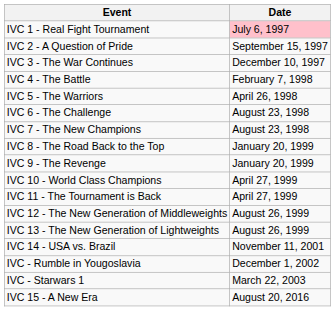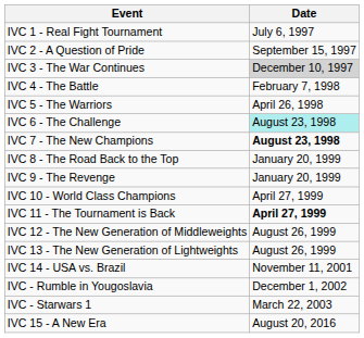 <table class="wikitable">
 <tr>
 <th>Event</th>
 <th>Date</th>
 </tr>
 <tr>
 <td>IVC 1 - Real Fight Tournament</td>
-<td style="background: pink;">July 6, 1997</td>
+<td>July 6, 1997</td>
 </tr>
 <tr>
 <td>IVC 2 - A Question of Pride</td>
 <td>September 15, 1997</td>
 </tr>
 <tr>
 <td>IVC 3 - The War Continues</td>
-<td>December 10, 1997</td>
+<td style="background: lightgrey;">December 10, 1997</td>
 </tr>
 <tr>
 <td>IVC 4 - The Battle</td>
 <td>February 7, 1998</td>
 </tr>
 <tr>
 <td>IVC 5 - The Warriors</td>
 <td>April 26, 1998</td>
 </tr>
 <tr>
 <td>IVC 6 - The Challenge</td>
-<td>August 23, 1998</td>
+<td style="background: paleturquoise;">August 23, 1998</td>
 </tr>
 <tr>
 <td>IVC 7 - The New Champions</td>
-<td>August 23, 1998</td>
+<td><strong>August 23, 1998</strong></td>
 </tr>
 <tr>
 <td>IVC 8 - The Road Back to the Top</td>
 <td>January 20, 1999</td>
 </tr>
 <tr>
 <td>IVC 9 - The Revenge</td>
 <td>January 20, 1999</td>
 </tr>
 <tr>
 <td>IVC 10 - World Class Champions</td>
 <td>April 27, 1999</td>
 </tr>
 <tr>
 <td>IVC 11 - The Tournament is Back</td>
-<td>April 27, 1999</td>
+<td><strong>April 27, 1999</strong></td>
 </tr>
 <tr>
 <td>IVC 12 - The New Generation of Middleweights</td>
 <td>August 26, 1999</td>
 </tr>
 <tr>
 <td>IVC 13 - The New Generation of Lightweights</td>
 <td>August 26, 1999</td>
 </tr>
 <tr>
 <td>IVC 14 - USA vs. Brazil</td>
 <td>November 11, 2001</td>
 </tr>
 <tr>
 <td>IVC - Rumble in Yougoslavia</td>
 <td>December 1, 2002</td>
 </tr>
 <tr>
 <td>IVC - Starwars 1</td>
 <td>March 22, 2003</td>
 </tr>
 <tr>
 <td>IVC 15 - A New Era</td>
 <td>August 20, 2016</td>
 </tr>
 </table>
